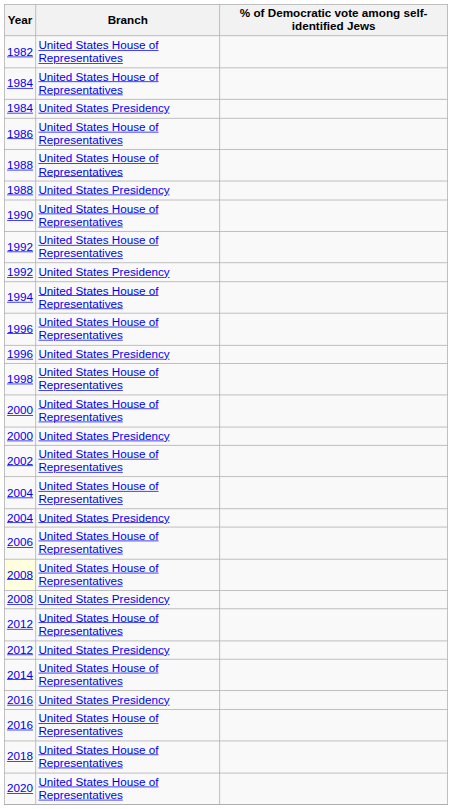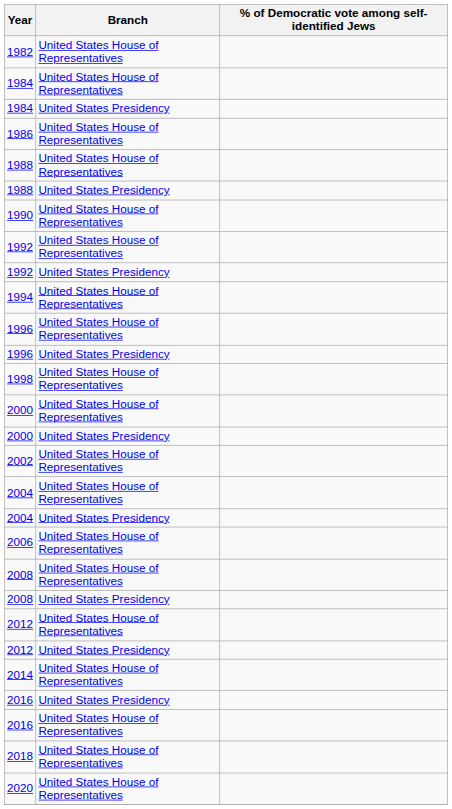 <table class="wikitable sortable collapsible">
 <tr>
 <th>Year</th>
 <th>Branch</th>
 <th colspan="2">% of Democratic vote among self-identified Jews</th>
 </tr>
 <tr>
 <td><a href='#'>1982</a></td>
 <td><a href='#'>United States House of Representatives</a></td>
 <td align=right></td>
 </tr>
 <tr>
 <td><a href='#'>1984</a></td>
 <td><a href='#'>United States House of Representatives</a></td>
 <td align=right></td>
 </tr>
 <tr>
 <td><a href='#'>1984</a></td>
 <td><a href='#'>United States Presidency</a></td>
 <td align=right></td>
 </tr>
 <tr>
 <td><a href='#'>1986</a></td>
 <td><a href='#'>United States House of Representatives</a></td>
 <td align=right></td>
 </tr>
 <tr>
 <td><a href='#'>1988</a></td>
 <td><a href='#'>United States House of Representatives</a></td>
 <td align=right></td>
 </tr>
 <tr>
 <td><a href='#'>1988</a></td>
 <td><a href='#'>United States Presidency</a></td>
 <td align=right></td>
 </tr>
 <tr>
 <td><a href='#'>1990</a></td>
 <td><a href='#'>United States House of Representatives</a></td>
 <td align=right></td>
 </tr>
 <tr>
 <td><a href='#'>1992</a></td>
 <td><a href='#'>United States House of Representatives</a></td>
 <td align=right></td>
 </tr>
 <tr>
 <td><a href='#'>1992</a></td>
 <td><a href='#'>United States Presidency</a></td>
 <td align=right></td>
 </tr>
 <tr>
 <td><a href='#'>1994</a></td>
 <td><a href='#'>United States House of Representatives</a></td>
 <td align=right></td>
 </tr>
 <tr>
 <td><a href='#'>1996</a></td>
 <td><a href='#'>United States House of Representatives</a></td>
 <td align=right></td>
 </tr>
 <tr>
 <td><a href='#'>1996</a></td>
 <td><a href='#'>United States Presidency</a></td>
 <td align=right></td>
 </tr>
 <tr>
 <td><a href='#'>1998</a></td>
 <td><a href='#'>United States House of Representatives</a></td>
 <td align=right></td>
 </tr>
 <tr>
 <td><a href='#'>2000</a></td>
 <td><a href='#'>United States House of Representatives</a></td>
 <td align=right></td>
 </tr>
 <tr>
 <td><a href='#'>2000</a></td>
 <td><a href='#'>United States Presidency</a></td>
 <td align=right></td>
 </tr>
 <tr>
 <td><a href='#'>2002</a></td>
 <td><a href='#'>United States House of Representatives</a></td>
 <td align=right></td>
 </tr>
 <tr>
 <td><a href='#'>2004</a></td>
 <td><a href='#'>United States House of Representatives</a></td>
 <td align=right></td>
 </tr>
 <tr>
 <td><a href='#'>2004</a></td>
 <td><a href='#'>United States Presidency</a></td>
 <td align=right></td>
 </tr>
 <tr>
 <td><a href='#'>2006</a></td>
 <td><a href='#'>United States House of Representatives</a></td>
 <td align=right></td>
 </tr>
 <tr>
-<td style="background: lightyellow;"><a href='#'>2008</a></td>
+<td><a href='#'>2008</a></td>
 <td><a href='#'>United States House of Representatives</a></td>
 <td align=right></td>
 </tr>
 <tr>
 <td><a href='#'>2008</a></td>
 <td><a href='#'>United States Presidency</a></td>
 <td align=right></td>
 </tr>
 <tr>
 <td><a href='#'>2012</a></td>
 <td><a href='#'>United States House of Representatives</a></td>
 <td align=right></td>
 </tr>
 <tr>
 <td><a href='#'>2012</a></td>
 <td><a href='#'>United States Presidency</a></td>
 <td align=right></td>
 </tr>
 <tr>
 <td><a href='#'>2014</a></td>
 <td><a href='#'>United States House of Representatives</a></td>
 <td align=right></td>
 </tr>
 <tr>
 <td><a href='#'>2016</a></td>
 <td><a href='#'>United States Presidency</a></td>
 <td align=right></td>
 </tr>
 <tr>
 <td><a href='#'>2016</a></td>
 <td><a href='#'>United States House of Representatives</a></td>
 <td align=right></td>
 </tr>
 <tr>
 <td><a href='#'>2018</a></td>
 <td><a href='#'>United States House of Representatives</a></td>
 <td align=right></td>
 </tr>
 <tr>
 <td><a href='#'>2020</a></td>
 <td><a href='#'>United States House of Representatives</a></td>
 <td align=right></td>
 </tr>
 <tr>
 </tr>
 </table>
